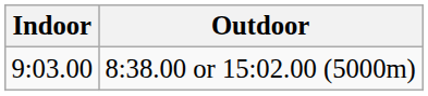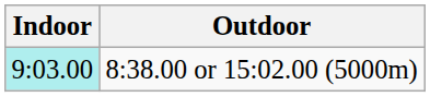 <table class="wikitable" border="1" align="upright">
 <tr>
 <th>Indoor</th>
 <th>Outdoor</th>
 </tr>
 <tr>
-<td>9:03.00</td>
+<td style="background: paleturquoise;">9:03.00</td>
 <td>8:38.00 or 15:02.00 (5000m)</td>
 </tr>
 </table>
